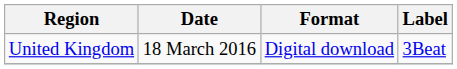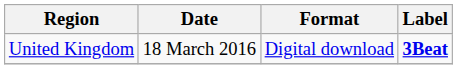 <table class=wikitable>
 <tr>
 <th>Region</th>
 <th>Date</th>
 <th>Format</th>
 <th>Label</th>
 </tr>
 <tr>
 <td><a href='#'>United Kingdom</a></td>
 <td>18 March 2016</td>
 <td><a href='#'>Digital download</a></td>
-<td><a href='#'>3Beat</a></td>
+<td><strong><a href='#'>3Beat</a></strong></td>
 </tr>
 <tr>
 </tr>
 </table>
